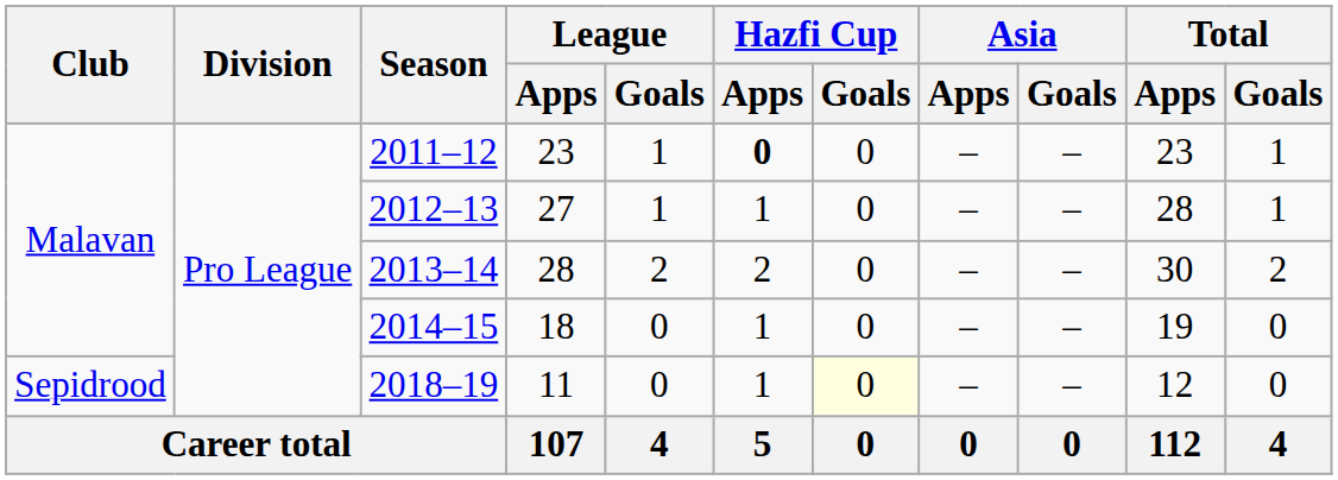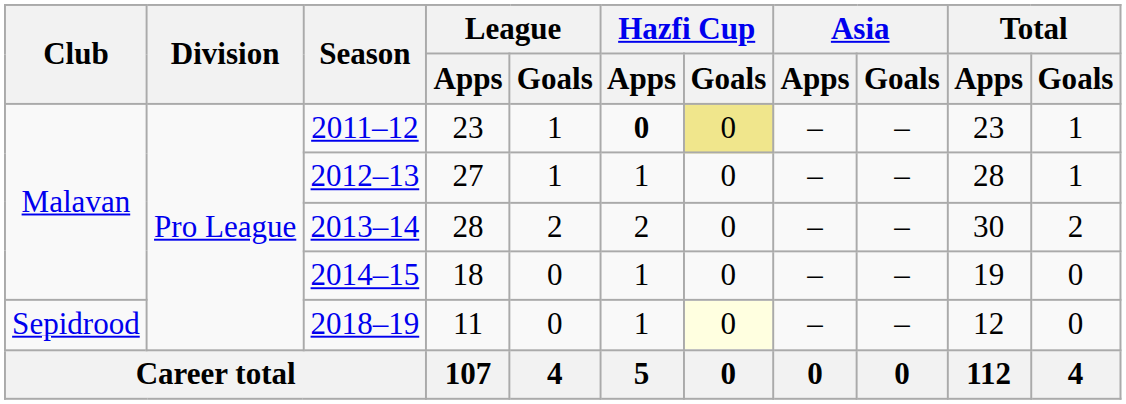 <table class="wikitable" style="text-align: center;">
 <tr>
 <th rowspan="2">Club</th>
 <th rowspan="2">Division</th>
 <th rowspan="2">Season</th>
 <th colspan="2">League</th>
 <th colspan="2"><a href='#'>Hazfi Cup</a></th>
 <th colspan="2"><a href='#'>Asia</a></th>
 <th colspan="2">Total</th>
 </tr>
 <tr>
 <th>Apps</th>
 <th>Goals</th>
 <th>Apps</th>
 <th>Goals</th>
 <th>Apps</th>
 <th>Goals</th>
 <th>Apps</th>
 <th>Goals</th>
 </tr>
 <tr>
 <td rowspan="4"><a href='#'>Malavan</a></td>
 <td rowspan="5"><a href='#'>Pro League</a></td>
 <td><a href='#'>2011–12</a></td>
 <td>23</td>
 <td>1</td>
 <td><strong>0</strong></td>
-<td>0</td>
+<td style="background: khaki;">0</td>
 <td>–</td>
 <td>–</td>
 <td>23</td>
 <td>1</td>
 </tr>
 <tr>
 <td><a href='#'>2012–13</a></td>
 <td>27</td>
 <td>1</td>
 <td>1</td>
 <td>0</td>
 <td>–</td>
 <td>–</td>
 <td>28</td>
 <td>1</td>
 </tr>
 <tr>
 <td><a href='#'>2013–14</a></td>
 <td>28</td>
 <td>2</td>
 <td>2</td>
 <td>0</td>
 <td>–</td>
 <td>–</td>
 <td>30</td>
 <td>2</td>
 </tr>
 <tr>
 <td><a href='#'>2014–15</a></td>
 <td>18</td>
 <td>0</td>
 <td>1</td>
 <td>0</td>
 <td>–</td>
 <td>–</td>
 <td>19</td>
 <td>0</td>
 </tr>
 <tr>
 <td rowspan="1"><a href='#'>Sepidrood</a></td>
 <td><a href='#'>2018–19</a></td>
 <td>11</td>
 <td>0</td>
 <td>1</td>
 <td style="background: lightyellow;">0</td>
 <td>–</td>
 <td>–</td>
 <td>12</td>
 <td>0</td>
 </tr>
 <tr>
 <th colspan=3>Career total</th>
 <th>107</th>
 <th>4</th>
 <th>5</th>
 <th>0</th>
 <th>0</th>
 <th>0</th>
 <th>112</th>
 <th>4</th>
 </tr>
 </table>
